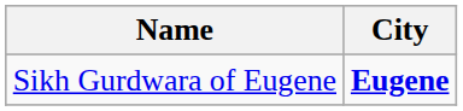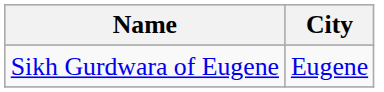 <table class="wikitable sortable">
 <tr>
 <th>Name</th>
 <th>City</th>
 </tr>
 <tr>
 <td><a href='#'>Sikh Gurdwara of Eugene</a></td>
-<td><strong><a href='#'>Eugene</a></strong></td>
+<td><a href='#'>Eugene</a></td>
 </tr>
 </table>
